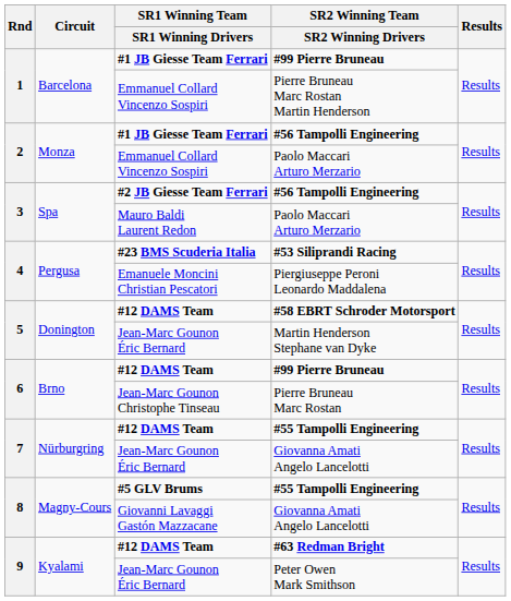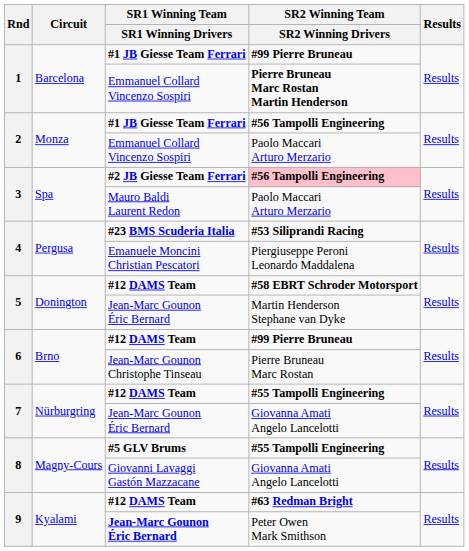 <table class="wikitable" style="font-size: 90%;">
 <tr>
 <th rowspan=2>Rnd</th>
 <th rowspan=2>Circuit</th>
 <th>SR1 Winning Team</th>
 <th>SR2 Winning Team</th>
 <th rowspan=2>Results</th>
 </tr>
 <tr>
 <th>SR1 Winning Drivers</th>
 <th>SR2 Winning Drivers</th>
 </tr>
 <tr>
 <th rowspan=2>1</th>
 <td rowspan=2><a href='#'>Barcelona</a></td>
 <td><strong> #1 <a href='#'>JB</a> Giesse Team <a href='#'>Ferrari</a></strong></td>
 <td><strong> #99 Pierre Bruneau</strong></td>
 <td rowspan=2><a href='#'>Results</a></td>
 </tr>
 <tr>
 <td> <a href='#'>Emmanuel Collard</a><br> <a href='#'>Vincenzo Sospiri</a></td>
-<td> Pierre Bruneau<br> Marc Rostan<br> Martin Henderson</td>
+<td><strong> Pierre Bruneau<br> Marc Rostan<br> Martin Henderson</strong></td>
 </tr>
 <tr>
 <th rowspan=2>2</th>
 <td rowspan=2><a href='#'>Monza</a></td>
 <td><strong> #1 <a href='#'>JB</a> Giesse Team <a href='#'>Ferrari</a></strong></td>
 <td><strong> #56 Tampolli Engineering</strong></td>
 <td rowspan=2><a href='#'>Results</a></td>
 </tr>
 <tr>
 <td> <a href='#'>Emmanuel Collard</a><br> <a href='#'>Vincenzo Sospiri</a></td>
 <td> Paolo Maccari<br> <a href='#'>Arturo Merzario</a></td>
 </tr>
 <tr>
 <th rowspan=2>3</th>
 <td rowspan=2><a href='#'>Spa</a></td>
 <td><strong> #2 <a href='#'>JB</a> Giesse Team <a href='#'>Ferrari</a></strong></td>
-<td><strong> #56 Tampolli Engineering</strong></td>
+<td style="background: pink;"><strong> #56 Tampolli Engineering</strong></td>
 <td rowspan=2><a href='#'>Results</a></td>
 </tr>
 <tr>
 <td> <a href='#'>Mauro Baldi</a><br> <a href='#'>Laurent Redon</a></td>
 <td> Paolo Maccari<br> <a href='#'>Arturo Merzario</a></td>
 </tr>
 <tr>
 <th rowspan=2>4</th>
 <td rowspan=2><a href='#'>Pergusa</a></td>
 <td><strong> #23 <a href='#'>BMS Scuderia Italia</a></strong></td>
 <td><strong> #53 Siliprandi Racing</strong></td>
 <td rowspan=2><a href='#'>Results</a></td>
 </tr>
 <tr>
 <td> <a href='#'>Emanuele Moncini</a><br> <a href='#'>Christian Pescatori</a></td>
 <td> Piergiuseppe Peroni<br> Leonardo Maddalena</td>
 </tr>
 <tr>
 <th rowspan=2>5</th>
 <td rowspan=2><a href='#'>Donington</a></td>
 <td><strong> #12 <a href='#'>DAMS</a> Team</strong></td>
 <td><strong> #58 EBRT Schroder Motorsport</strong></td>
 <td rowspan=2><a href='#'>Results</a></td>
 </tr>
 <tr>
 <td> <a href='#'>Jean-Marc Gounon</a><br> <a href='#'>Éric Bernard</a></td>
 <td> Martin Henderson<br> Stephane van Dyke</td>
 </tr>
 <tr>
 <th rowspan=2>6</th>
 <td rowspan=2><a href='#'>Brno</a></td>
 <td><strong> #12 <a href='#'>DAMS</a> Team</strong></td>
 <td><strong> #99 Pierre Bruneau</strong></td>
 <td rowspan=2><a href='#'>Results</a></td>
 </tr>
 <tr>
 <td> <a href='#'>Jean-Marc Gounon</a><br> Christophe Tinseau</td>
 <td> Pierre Bruneau<br> Marc Rostan</td>
 </tr>
 <tr>
 <th rowspan=2>7</th>
 <td rowspan=2><a href='#'>Nürburgring</a></td>
 <td><strong> #12 <a href='#'>DAMS</a> Team</strong></td>
 <td><strong> #55 Tampolli Engineering</strong></td>
 <td rowspan=2><a href='#'>Results</a></td>
 </tr>
 <tr>
 <td> <a href='#'>Jean-Marc Gounon</a><br> <a href='#'>Éric Bernard</a></td>
 <td> <a href='#'>Giovanna Amati</a><br> Angelo Lancelotti</td>
 </tr>
 <tr>
 <th rowspan=2>8</th>
 <td rowspan=2><a href='#'>Magny-Cours</a></td>
 <td><strong> #5 GLV Brums</strong></td>
 <td><strong> #55 Tampolli Engineering</strong></td>
 <td rowspan=2><a href='#'>Results</a></td>
 </tr>
 <tr>
 <td> <a href='#'>Giovanni Lavaggi</a><br> <a href='#'>Gastón Mazzacane</a></td>
 <td> <a href='#'>Giovanna Amati</a><br> Angelo Lancelotti</td>
 </tr>
 <tr>
 <th rowspan=2>9</th>
 <td rowspan=2><a href='#'>Kyalami</a></td>
 <td><strong> #12 <a href='#'>DAMS</a> Team</strong></td>
 <td><strong> #63 <a href='#'>Redman Bright</a></strong></td>
 <td rowspan=2><a href='#'>Results</a></td>
 </tr>
 <tr>
-<td> <a href='#'>Jean-Marc Gounon</a><br> <a href='#'>Éric Bernard</a></td>
+<td><strong> <a href='#'>Jean-Marc Gounon</a><br> <a href='#'>Éric Bernard</a></strong></td>
 <td> Peter Owen<br> Mark Smithson</td>
 </tr>
 </table>
